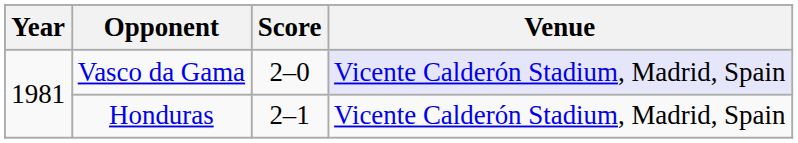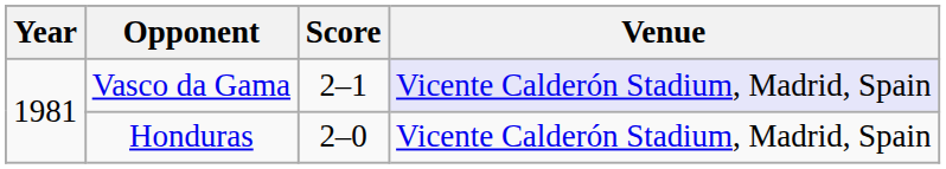 <table class="wikitable" style="font-size: 90%; text-align:left">
 <tr>
 <th>Year</th>
 <th>Opponent</th>
 <th>Score</th>
 <th>Venue</th>
 </tr>
 <tr>
 <td rowspan=2>1981</td>
 <td align=center> <a href='#'>Vasco da Gama</a></td>
-<td align=center>2–0</td>
+<td align=center>2–1</td>
 <td style="background: lavender;"> <a href='#'>Vicente Calderón Stadium</a>, Madrid, Spain</td>
 </tr>
 <tr>
 <td align=center> <a href='#'>Honduras</a></td>
-<td align=center>2–1</td>
+<td align=center>2–0</td>
 <td> <a href='#'>Vicente Calderón Stadium</a>, Madrid, Spain</td>
 </tr>
 </table>
